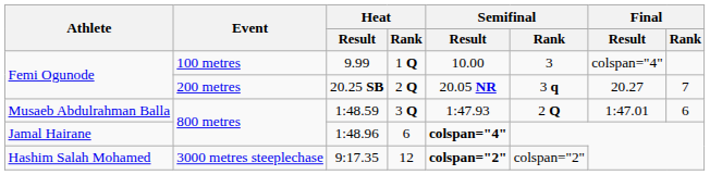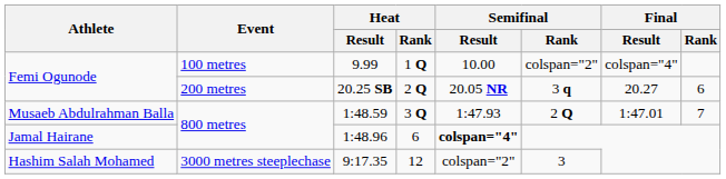 <table class="wikitable" style="font-size:90%">
 <tr>
 <th rowspan="2">Athlete</th>
 <th rowspan="2">Event</th>
 <th colspan="2">Heat</th>
 <th colspan="2">Semifinal</th>
 <th colspan="2">Final</th>
 </tr>
 <tr style="font-size:95%">
 <th>Result</th>
 <th>Rank</th>
 <th>Result</th>
 <th>Rank</th>
 <th>Result</th>
 <th>Rank</th>
 </tr>
 <tr style=text-align:center>
 <td style=text-align:left rowspan=2><a href='#'>Femi Ogunode</a></td>
 <td style=text-align:left><a href='#'>100 metres</a></td>
 <td>9.99</td>
 <td>1 <strong>Q</strong></td>
 <td>10.00</td>
-<td>3</td>
+<td>colspan="2" </td>
 <td>colspan="4" </td>
 </tr>
 <tr style=text-align:center>
 <td style=text-align:left><a href='#'>200 metres</a></td>
 <td>20.25 <strong>SB</strong></td>
 <td>2 <strong>Q</strong></td>
 <td>20.05 <strong><a href='#'>NR</a></strong></td>
 <td>3 <strong>q</strong></td>
 <td>20.27</td>
-<td>7</td>
+<td>6</td>
 </tr>
 <tr style=text-align:center>
 <td style=text-align:left><a href='#'>Musaeb Abdulrahman Balla</a></td>
 <td style=text-align:left rowspan=2><a href='#'>800 metres</a></td>
 <td>1:48.59</td>
 <td>3 <strong>Q</strong></td>
 <td>1:47.93</td>
 <td>2 <strong>Q</strong></td>
 <td>1:47.01</td>
-<td>6</td>
+<td>7</td>
 </tr>
 <tr style=text-align:center>
 <td style=text-align:left><a href='#'>Jamal Hairane</a></td>
 <td>1:48.96</td>
 <td>6</td>
 <td><strong>colspan="4" </strong></td>
 </tr>
 <tr style=text-align:center>
 <td style=text-align:left><a href='#'>Hashim Salah Mohamed</a></td>
 <td style=text-align:left><a href='#'>3000 metres steeplechase</a></td>
 <td>9:17.35</td>
 <td>12</td>
-<td><strong>colspan="2" </strong></td>
 <td>colspan="2" </td>
+<td>3</td>
 </tr>
 </table>
